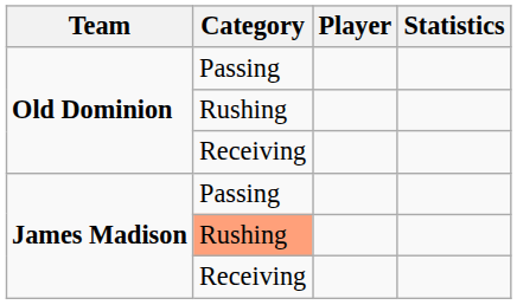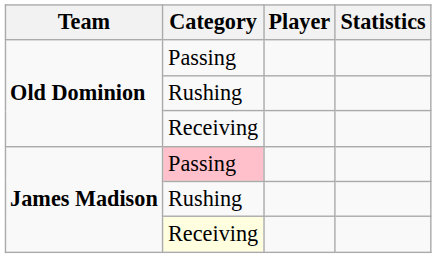 <table class="wikitable" style="float: right;">
 <tr>
 <th>Team</th>
 <th>Category</th>
 <th>Player</th>
 <th>Statistics</th>
 </tr>
 <tr>
 <td rowspan=3><strong>Old Dominion</strong></td>
 <td>Passing</td>
 <td></td>
 <td></td>
 </tr>
 <tr>
 <td>Rushing</td>
 <td></td>
 <td></td>
 </tr>
 <tr>
 <td>Receiving</td>
 <td></td>
 <td></td>
 </tr>
 <tr>
 <td rowspan=3><strong>James Madison</strong></td>
-<td>Passing</td>
+<td style="background: pink;">Passing</td>
 <td></td>
 <td></td>
 </tr>
 <tr>
-<td style="background: lightsalmon;">Rushing</td>
+<td>Rushing</td>
 <td></td>
 <td></td>
 </tr>
 <tr>
-<td>Receiving</td>
+<td style="background: lightyellow;">Receiving</td>
 <td></td>
 <td></td>
 </tr>
 </table>
